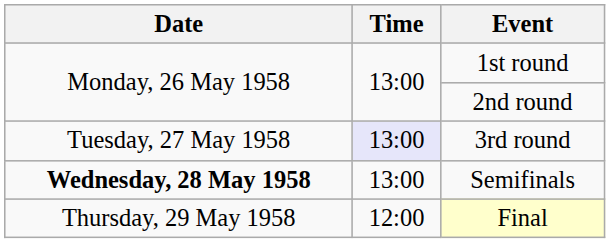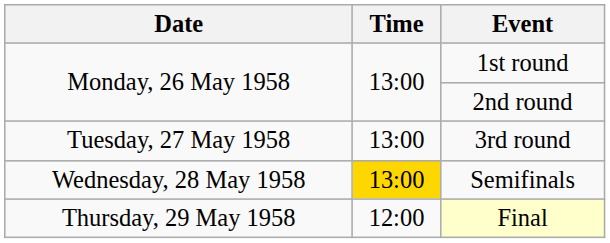 <table class = "wikitable" style="text-align:center;">
 <tr>
 <th width=220>Date</th>
 <th width=50>Time</th>
 <th width=100>Event</th>
 </tr>
 <tr>
 <td rowspan=2>Monday, 26 May 1958</td>
 <td rowspan=2>13:00</td>
 <td>1st round</td>
 </tr>
 <tr>
 <td>2nd round</td>
 </tr>
 <tr>
 <td>Tuesday, 27 May 1958</td>
-<td style="background: lavender;">13:00</td>
+<td>13:00</td>
 <td>3rd round</td>
 </tr>
 <tr>
-<td><strong>Wednesday, 28 May 1958</strong></td>
-<td>13:00</td>
+<td>Wednesday, 28 May 1958</td>
+<td style="background: gold;">13:00</td>
 <td>Semifinals</td>
 </tr>
 <tr>
 <td>Thursday, 29 May 1958</td>
 <td>12:00</td>
 <td bgcolor=ffffcc>Final</td>
 </tr>
 </table>
